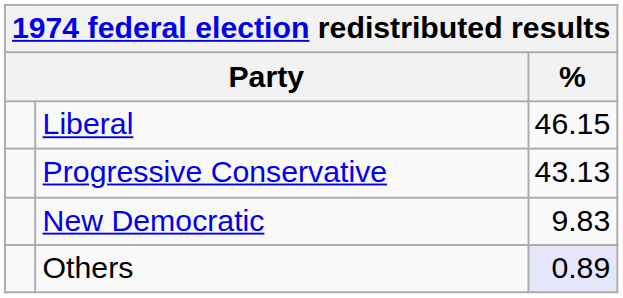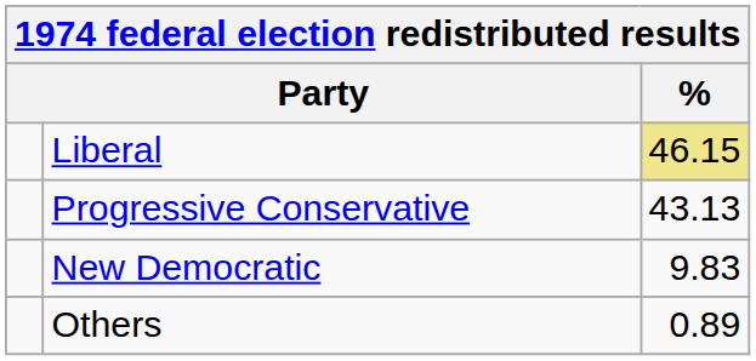 <table class="wikitable">
 <tr>
 <th colspan="4"><a href='#'>1974 federal election</a> redistributed results</th>
 </tr>
 <tr>
 <th bgcolor="#DDDDFF" width="130px" colspan="2">Party</th>
 <th bgcolor="#DDDDFF" width="30px">%</th>
 </tr>
 <tr>
 <td> </td>
 <td><a href='#'>Liberal</a></td>
-<td align=right>46.15</td>
+<td align=right style="background: khaki;">46.15</td>
 </tr>
 <tr>
 <td> </td>
 <td><a href='#'>Progressive Conservative</a></td>
 <td align=right>43.13</td>
 </tr>
 <tr>
 <td> </td>
 <td><a href='#'>New Democratic</a></td>
 <td align=right>9.83</td>
 </tr>
 <tr>
 <td> </td>
 <td>Others</td>
-<td align=right style="background: lavender;">0.89</td>
+<td align=right>0.89</td>
 </tr>
 </table>
